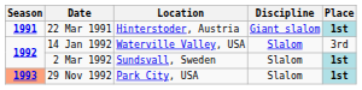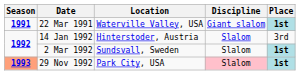 <table class="wikitable">
 <tr>
 <th>Season</th>
 <th>Date</th>
 <th>Location</th>
 <th>Discipline</th>
 <th>Place</th>
 </tr>
 <tr>
 <td align=center><strong><a href='#'>1991</a></strong></td>
 <td align=right>22 Mar 1991</td>
-<td> <a href='#'>Hinterstoder</a>, Austria</td>
+<td> <a href='#'>Waterville Valley</a>, USA</td>
 <td align=center><a href='#'>Giant slalom</a></td>
 <td bgcolor="#BOEOE6" align=center><strong>1st</strong></td>
 </tr>
 <tr>
 <td align=center rowspan=2><strong><a href='#'>1992</a></strong></td>
 <td align=right>14 Jan 1992</td>
-<td> <a href='#'>Waterville Valley</a>, USA</td>
+<td> <a href='#'>Hinterstoder</a>, Austria</td>
 <td align=center><a href='#'>Slalom</a></td>
 <td align=center>3rd</td>
 </tr>
 <tr>
 <td align=right>2 Mar 1992</td>
 <td> <a href='#'>Sundsvall</a>, Sweden</td>
 <td align=center>Slalom</td>
 <td bgcolor="#BOEOE6" align=center><strong>1st</strong></td>
 </tr>
 <tr>
 <td align=center style="background: lightsalmon;"><strong><a href='#'>1993</a></strong></td>
 <td align=right>29 Nov 1992</td>
 <td> <a href='#'>Park City</a>, USA</td>
-<td align=center>Slalom</td>
+<td align=center style="background: pink;">Slalom</td>
 <td bgcolor="#BOEOE6" align=center><strong>1st</strong></td>
 </tr>
 </table>
